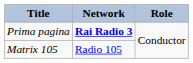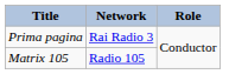 <table class="wikitable" border="2" cellpadding="4">
 <tr>
 <th style="background:#B0C4DE;">Title</th>
 <th style="background:#B0C4DE;">Network</th>
 <th style="background:#B0C4DE;">Role</th>
 </tr>
 <tr>
 <td><em>Prima pagina</em></td>
-<td><strong><a href='#'>Rai Radio 3</a></strong></td>
+<td><a href='#'>Rai Radio 3</a></td>
 <td rowspan="2">Conductor</td>
 </tr>
 <tr>
 <td><em>Matrix 105</em></td>
 <td><a href='#'>Radio 105</a></td>
 </tr>
 </table>
